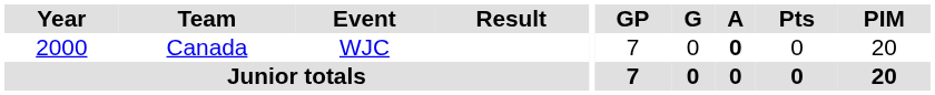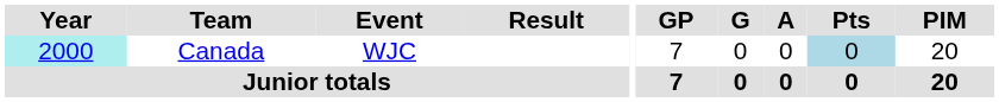 <table border="0" cellpadding="1" cellspacing="0" ID="Table3" style="text-align:center; width:40em">
 <tr ALIGN="centre" bgcolor="#e0e0e0">
 <th>Year</th>
 <th>Team</th>
 <th>Event</th>
 <th>Result</th>
 <th rowspan="99" bgcolor="#ffffff"></th>
 <th>GP</th>
 <th>G</th>
 <th>A</th>
 <th>Pts</th>
 <th>PIM</th>
 </tr>
 <tr ALIGN="centre">
-<td><a href='#'>2000</a></td>
+<td style="background: paleturquoise;"><a href='#'>2000</a></td>
 <td><a href='#'>Canada</a></td>
 <td><a href='#'>WJC</a></td>
 <td></td>
 <td>7</td>
 <td>0</td>
-<td><strong>0</strong></td>
 <td>0</td>
+<td style="background: lightblue;">0</td>
 <td>20</td>
 </tr>
 <tr bgcolor="#e0e0e0">
 <th colspan="4">Junior totals</th>
 <th>7</th>
 <th>0</th>
 <th>0</th>
 <th>0</th>
 <th>20</th>
 </tr>
 </table>
